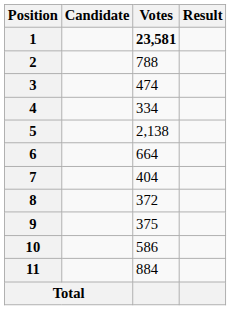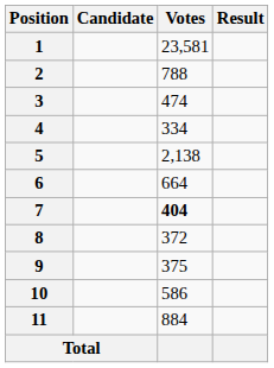 <table class="wikitable sortable col3right">
 <tr>
 <th scope="col">Position</th>
 <th scope="col">Candidate</th>
 <th scope="col">Votes</th>
 <th scope="col">Result</th>
 </tr>
 <tr>
 <th scope="row">1</th>
 <td></td>
-<td><strong>23,581</strong></td>
+<td>23,581</td>
 <td></td>
 </tr>
 <tr>
 <th scope="row">2</th>
 <td></td>
 <td>788</td>
 <td></td>
 </tr>
 <tr>
 <th scope="row">3</th>
 <td></td>
 <td>474</td>
 <td></td>
 </tr>
 <tr>
 <th scope="row">4</th>
 <td></td>
 <td>334</td>
 <td></td>
 </tr>
 <tr>
 <th scope="row">5</th>
 <td></td>
 <td>2,138</td>
 <td></td>
 </tr>
 <tr>
 <th scope="row">6</th>
 <td></td>
 <td>664</td>
 <td></td>
 </tr>
 <tr>
 <th scope="row">7</th>
 <td></td>
-<td>404</td>
+<td><strong>404</strong></td>
 <td></td>
 </tr>
 <tr>
 <th scope="row">8</th>
 <td></td>
 <td>372</td>
 <td></td>
 </tr>
 <tr>
 <th scope="row">9</th>
 <td></td>
 <td>375</td>
 <td></td>
 </tr>
 <tr>
 <th scope="row">10</th>
 <td></td>
 <td>586</td>
 <td></td>
 </tr>
 <tr>
 <th scope="row">11</th>
 <td></td>
 <td>884</td>
 <td></td>
 </tr>
 <tr class="sortbottom">
 <th scope="row" colspan="2">Total</th>
 <th></th>
 <th></th>
 </tr>
 </table>
